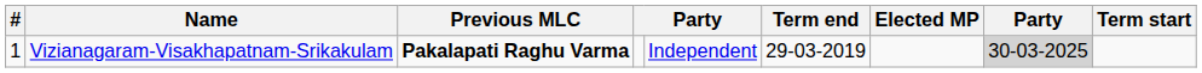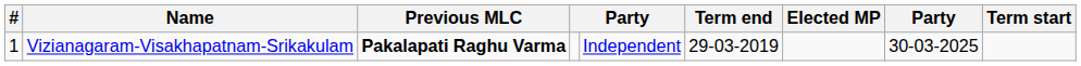 <table class="wikitable" style="text-align:center;">
 <tr>
 <th>#</th>
 <th>Name</th>
 <th>Previous MLC</th>
 <th colspan="2">Party</th>
 <th>Term end</th>
 <th>Elected MP</th>
 <th colspan="2">Party</th>
 <th>Term start</th>
 </tr>
 <tr>
 <td>1</td>
 <td><a href='#'>Vizianagaram-Visakhapatnam-Srikakulam</a></td>
 <td><strong>Pakalapati Raghu Varma</strong></td>
 <td width="1px"></td>
 <td><a href='#'>Independent</a></td>
 <td>29-03-2019</td>
 <td></td>
-<td style="background: lightgrey;">30-03-2025</td>
+<td>30-03-2025</td>
 </tr>
 </table>
